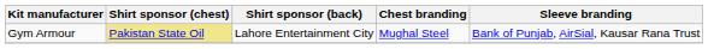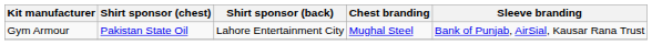 <table class="wikitable">
 <tr>
 <th>Kit manufacturer</th>
 <th>Shirt sponsor (chest)</th>
 <th>Shirt sponsor (back)</th>
 <th>Chest branding</th>
 <th>Sleeve branding</th>
 </tr>
 <tr>
 <td>Gym Armour</td>
-<td style="background: khaki;"><a href='#'>Pakistan State Oil</a></td>
+<td><a href='#'>Pakistan State Oil</a></td>
 <td>Lahore Entertainment City</td>
 <td><a href='#'>Mughal Steel</a></td>
 <td><a href='#'>Bank of Punjab</a>, <a href='#'>AirSial</a>, Kausar Rana Trust</td>
 </tr>
 <tr>
 </tr>
 </table>
